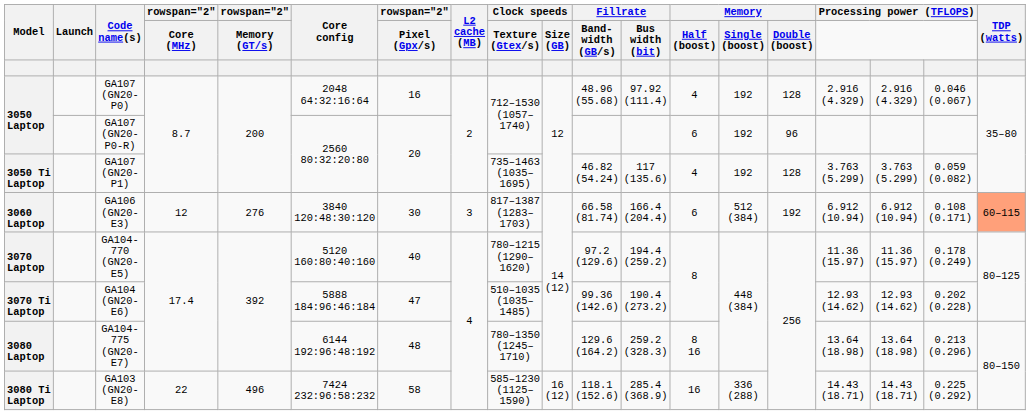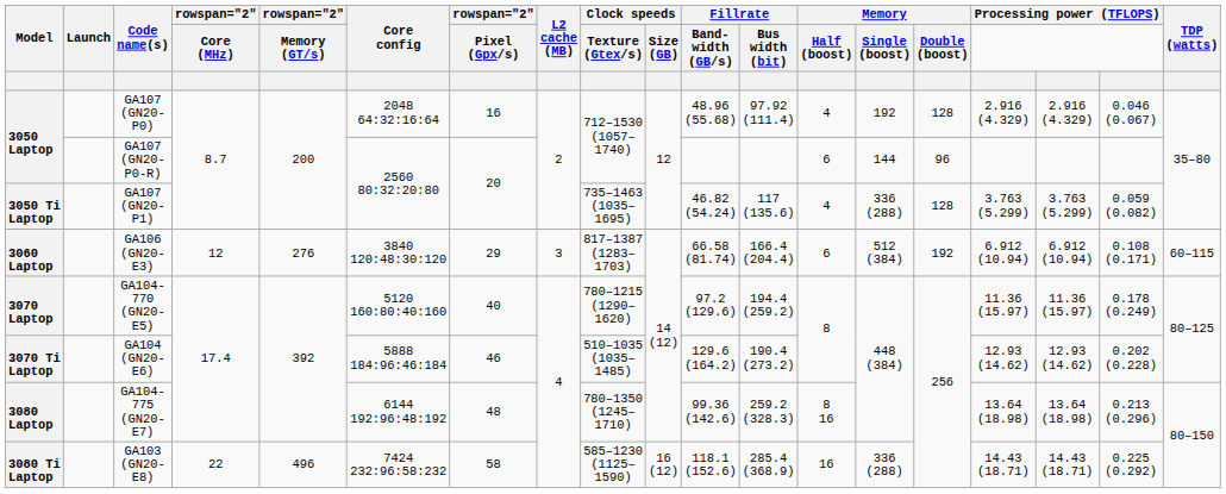 <table class="mw-datatable wikitable sortable" style="font-size:85%; text-align:center;">
 <tr>
 <th rowspan="2">Model</th>
 <th rowspan="2">Launch</th>
 <th rowspan="2"><a href='#'>Code<br>name</a>(s)</th>
 <th>rowspan="2" </th>
 <th>rowspan="2" </th>
 <th rowspan="2">Core<br>config</th>
 <th>rowspan="2" </th>
 <th rowspan="2"><a href='#'>L2<br>cache</a><br>(<a href='#'>MB</a>)</th>
 <th colspan="2">Clock speeds</th>
 <th colspan="2"><a href='#'>Fillrate</a></th>
 <th colspan="3"><a href='#'>Memory</a></th>
 <th colspan="3">Processing power (<a href='#'>TFLOPS</a>)</th>
 <th rowspan="2"><a href='#'>TDP</a><br>(<a href='#'>watts</a>)</th>
 </tr>
 <tr>
 <th>Core<br>(<a href='#'>MHz</a>)</th>
 <th>Memory<br>(<a href='#'>GT/s</a>)</th>
 <th>Pixel<br>(<a href='#'>Gpx</a>/s)</th>
 <th>Texture<br>(<a href='#'>Gtex</a>/s)</th>
 <th>Size<br>(<a href='#'>GB</a>)</th>
 <th>Band-<br>width<br>(<a href='#'>GB</a>/s)</th>
 <th>Bus<br>width<br>(<a href='#'>bit</a>)</th>
 <th><a href='#'>Half</a><br>(boost)</th>
 <th><a href='#'>Single</a><br>(boost)</th>
 <th><a href='#'>Double</a><br>(boost)</th>
 </tr>
 <tr>
 <th style="background-position:center"><br></th>
 <th style="background-position:center"></th>
 <th style="background-position:center"></th>
 <th style="background-position:center"></th>
 <th style="background-position:center"></th>
 <th style="background-position:center"></th>
 <th style="background-position:center"></th>
 <th style="background-position:center"></th>
 <th style="background-position:center"></th>
 <th style="background-position:center"></th>
 <th style="background-position:center"></th>
 <th style="background-position:center"></th>
 <th style="background-position:center"></th>
 <th style="background-position:center"></th>
 <th style="background-position:center"></th>
 <th style="background-position:center"></th>
 <th style="background-position:center"></th>
 <th style="background-position:center"></th>
 <th style="background-position:center"></th>
 </tr>
 <tr>
 <th rowspan="2" style="text-align:left;"><br>3050<br>Laptop</th>
 <td></td>
 <td>GA107<br>(GN20-P0)</td>
 <td rowspan="3">8.7</td>
 <td rowspan="3">200</td>
 <td>2048<br>64:32:16:64</td>
 <td>16</td>
 <td rowspan="3">2</td>
 <td rowspan="2">712–1530<br>(1057–1740)</td>
 <td rowspan="3">12</td>
 <td>48.96<br>(55.68)</td>
 <td>97.92<br>(111.4)</td>
 <td>4</td>
 <td>192</td>
 <td>128</td>
 <td>2.916<br>(4.329)</td>
 <td>2.916<br>(4.329)</td>
 <td>0.046<br>(0.067)</td>
 <td rowspan="3">35–80</td>
 </tr>
 <tr>
 <td></td>
 <td>GA107<br>(GN20-P0-R)</td>
 <td rowspan="2">2560<br>80:32:20:80</td>
 <td rowspan="2">20</td>
 <td></td>
 <td></td>
 <td>6</td>
-<td>192</td>
+<td>144</td>
 <td>96</td>
 <td></td>
 <td></td>
 <td></td>
 </tr>
 <tr>
 <th style="text-align:left;"><br>3050 Ti<br>Laptop</th>
 <td></td>
 <td>GA107<br>(GN20-P1)</td>
 <td>735–1463<br>(1035–1695)</td>
 <td>46.82<br>(54.24)</td>
 <td>117<br>(135.6)</td>
 <td>4</td>
-<td>192</td>
+<td>336<br>(288)</td>
 <td>128</td>
 <td>3.763<br>(5.299)</td>
 <td>3.763<br>(5.299)</td>
 <td>0.059<br>(0.082)</td>
 </tr>
 <tr>
 <th style="text-align:left;"><br>3060<br>Laptop</th>
 <td></td>
 <td>GA106<br>(GN20-E3)</td>
 <td>12</td>
 <td>276</td>
 <td>3840<br>120:48:30:120</td>
-<td>30</td>
+<td>29</td>
 <td>3</td>
 <td>817–1387<br>(1283–1703)</td>
 <td rowspan="4">14<br>(12)</td>
 <td>66.58<br>(81.74)</td>
 <td>166.4<br>(204.4)</td>
 <td>6</td>
 <td>512<br>(384)</td>
 <td>192</td>
 <td>6.912<br>(10.94)</td>
 <td>6.912<br>(10.94)</td>
 <td>0.108<br>(0.171)</td>
-<td style="background: lightsalmon;">60–115</td>
+<td>60–115</td>
 </tr>
 <tr>
 <th style="text-align:left;"><br>3070<br>Laptop</th>
 <td></td>
 <td>GA104-770<br>(GN20-E5)</td>
 <td rowspan="3">17.4</td>
 <td rowspan="3">392</td>
 <td>5120<br>160:80:40:160</td>
 <td>40</td>
 <td rowspan="4">4</td>
 <td>780–1215<br>(1290–1620)</td>
 <td>97.2<br>(129.6)</td>
 <td>194.4<br>(259.2)</td>
 <td rowspan="2">8</td>
 <td rowspan="3">448<br>(384)</td>
 <td rowspan="4">256</td>
 <td>11.36<br>(15.97)</td>
 <td>11.36<br>(15.97)</td>
 <td>0.178<br>(0.249)</td>
 <td rowspan="2">80–125</td>
 </tr>
 <tr>
 <th style="text-align:left;"><br>3070 Ti<br>Laptop</th>
 <td></td>
 <td>GA104<br>(GN20-E6)</td>
 <td>5888<br>184:96:46:184</td>
-<td>47</td>
+<td>46</td>
 <td>510–1035<br>(1035–1485)</td>
-<td>99.36<br>(142.6)</td>
+<td>129.6<br>(164.2)</td>
 <td>190.4<br>(273.2)</td>
 <td>12.93<br>(14.62)</td>
 <td>12.93<br>(14.62)</td>
 <td>0.202<br>(0.228)</td>
 </tr>
 <tr>
 <th style="text-align:left;"><br>3080<br>Laptop</th>
 <td></td>
 <td>GA104-775<br>(GN20-E7)</td>
 <td>6144<br>192:96:48:192</td>
 <td>48</td>
 <td>780–1350<br>(1245–1710)</td>
-<td>129.6<br>(164.2)</td>
+<td>99.36<br>(142.6)</td>
 <td>259.2<br>(328.3)</td>
 <td>8<br>16</td>
 <td>13.64<br>(18.98)</td>
 <td>13.64<br>(18.98)</td>
 <td>0.213<br>(0.296)</td>
 <td rowspan="2">80–150</td>
 </tr>
 <tr>
 <th style="text-align:left;"><br>3080 Ti<br>Laptop</th>
 <td></td>
 <td>GA103<br>(GN20-E8)</td>
 <td>22</td>
 <td>496</td>
 <td>7424<br>232:96:58:232</td>
 <td>58</td>
 <td>585–1230<br>(1125–1590)</td>
 <td>16<br>(12)</td>
 <td>118.1<br>(152.6)</td>
 <td>285.4<br>(368.9)</td>
 <td>16</td>
 <td>336<br>(288)</td>
 <td>14.43<br>(18.71)</td>
 <td>14.43<br>(18.71)</td>
 <td>0.225<br>(0.292)</td>
 </tr>
 </table>
